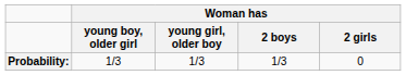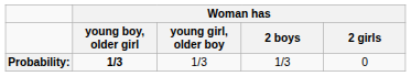 <table class="wikitable" style="margin:auto; text-align: center;" width="45%">
 <tr>
 <td></td>
 <th colspan=4>Woman has</th>
 </tr>
 <tr>
 <td></td>
 <th width="25%">young boy, older girl</th>
 <th width="25%">young girl, older boy</th>
 <th width="25%">2 boys</th>
 <th width="25%">2 girls</th>
 </tr>
 <tr>
 <th>Probability:</th>
-<td width="25%">1/3</td>
+<td width="25%"><strong>1/3</strong></td>
 <td width="25%">1/3</td>
 <td width="25%">1/3</td>
 <td width="25%">0</td>
 </tr>
 </table>
